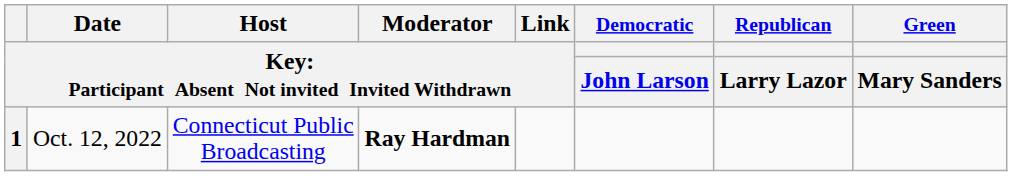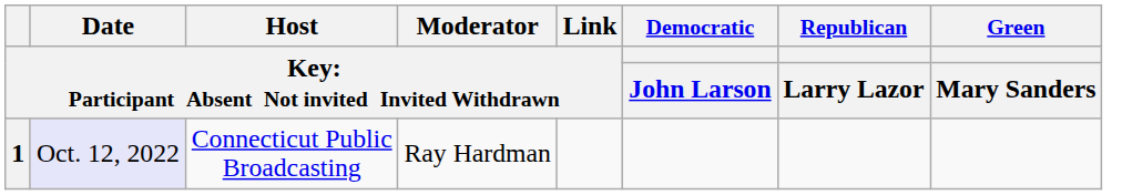 <table class="wikitable" style="text-align:center;">
 <tr>
 <th scope="col"></th>
 <th scope="col">Date</th>
 <th scope="col">Host</th>
 <th scope="col">Moderator</th>
 <th scope="col">Link</th>
 <th scope="col"><small><a href='#'>Democratic</a></small></th>
 <th scope="col"><small><a href='#'>Republican</a></small></th>
 <th scope="col"><small><a href='#'>Green</a></small></th>
 </tr>
 <tr>
 <th colspan="5" rowspan="2">Key:<br> <small>Participant </small>  <small>Absent </small>  <small>Not invited </small>  <small>Invited  Withdrawn</small></th>
 <th scope="col" style="background:"></th>
 <th scope="col" style="background:"></th>
 <th scope="col" style="background:"></th>
 </tr>
 <tr>
 <th scope="col"><a href='#'>John Larson</a></th>
 <th scope="col">Larry Lazor</th>
 <th scope="col">Mary Sanders</th>
 </tr>
 <tr>
 <th>1</th>
-<td style="white-space:nowrap;">Oct. 12, 2022</td>
+<td style="background: lavender; white-space:nowrap;">Oct. 12, 2022</td>
 <td style="white-space:nowrap;"><a href='#'>Connecticut Public</a><br><a href='#'>Broadcasting</a></td>
-<td style="white-space:nowrap;"><strong>Ray Hardman</strong></td>
+<td style="white-space:nowrap;">Ray Hardman</td>
 <td style="white-space:nowrap;"></td>
 <td></td>
 <td></td>
 <td></td>
 </tr>
 </table>
